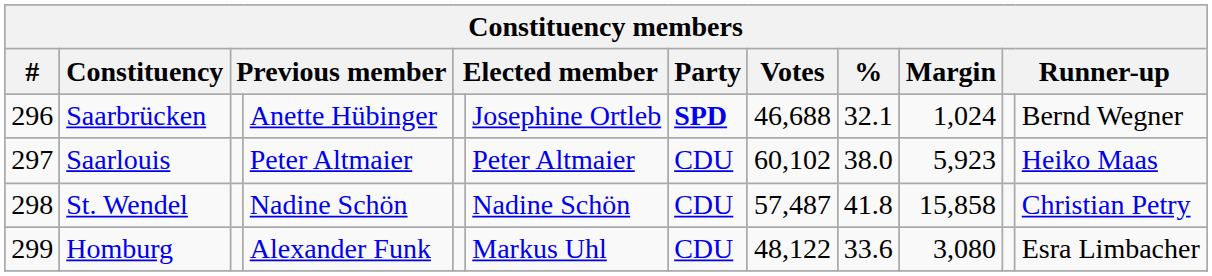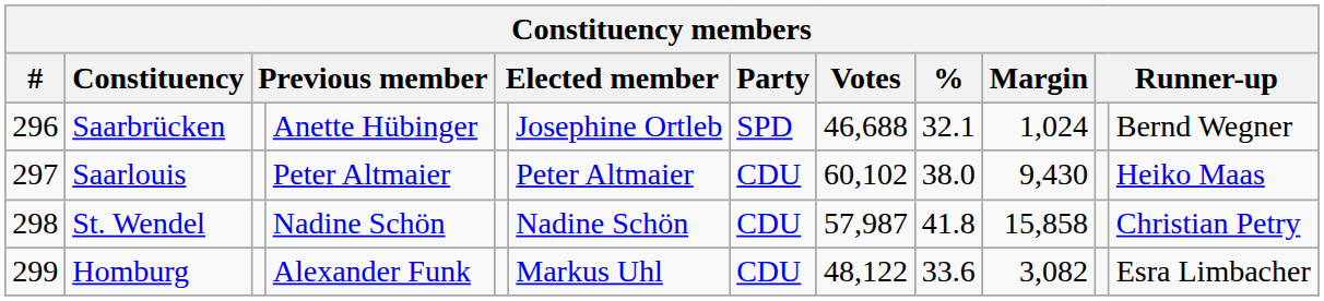 <table class="wikitable sortable" style="text-align:right">
 <tr>
 <th colspan="12">Constituency members</th>
 </tr>
 <tr>
 <th>#</th>
 <th>Constituency</th>
 <th colspan="2">Previous member</th>
 <th colspan="2">Elected member</th>
 <th>Party</th>
 <th>Votes</th>
 <th>%</th>
 <th>Margin</th>
 <th colspan="2">Runner-up</th>
 </tr>
 <tr>
 <td>296</td>
 <td align=left><a href='#'>Saarbrücken</a></td>
 <td bgcolor=></td>
 <td align=left><a href='#'>Anette Hübinger</a></td>
 <td></td>
 <td align=left><a href='#'>Josephine Ortleb</a></td>
-<td align=left><strong><a href='#'>SPD</a></strong></td>
+<td align=left><a href='#'>SPD</a></td>
 <td>46,688</td>
 <td>32.1</td>
 <td>1,024</td>
 <td bgcolor=></td>
 <td align=left>Bernd Wegner</td>
 </tr>
 <tr>
 <td>297</td>
 <td align=left><a href='#'>Saarlouis</a></td>
 <td bgcolor=></td>
 <td align=left><a href='#'>Peter Altmaier</a></td>
 <td bgcolor=></td>
 <td align=left><a href='#'>Peter Altmaier</a></td>
 <td align=left><a href='#'>CDU</a></td>
 <td>60,102</td>
 <td>38.0</td>
-<td>5,923</td>
+<td>9,430</td>
 <td bgcolor=></td>
 <td align=left><a href='#'>Heiko Maas</a></td>
 </tr>
 <tr>
 <td>298</td>
 <td align=left><a href='#'>St. Wendel</a></td>
 <td bgcolor=></td>
 <td align=left><a href='#'>Nadine Schön</a></td>
 <td bgcolor=></td>
 <td align=left><a href='#'>Nadine Schön</a></td>
 <td align=left><a href='#'>CDU</a></td>
-<td>57,487</td>
+<td>57,987</td>
 <td>41.8</td>
 <td>15,858</td>
 <td bgcolor=></td>
 <td align=left><a href='#'>Christian Petry</a></td>
 </tr>
 <tr>
 <td>299</td>
 <td align=left><a href='#'>Homburg</a></td>
 <td bgcolor=></td>
 <td align=left><a href='#'>Alexander Funk</a></td>
 <td></td>
 <td align=left><a href='#'>Markus Uhl</a></td>
 <td align=left><a href='#'>CDU</a></td>
 <td>48,122</td>
 <td>33.6</td>
-<td>3,080</td>
+<td>3,082</td>
 <td bgcolor=></td>
 <td align=left>Esra Limbacher</td>
 </tr>
 </table>
